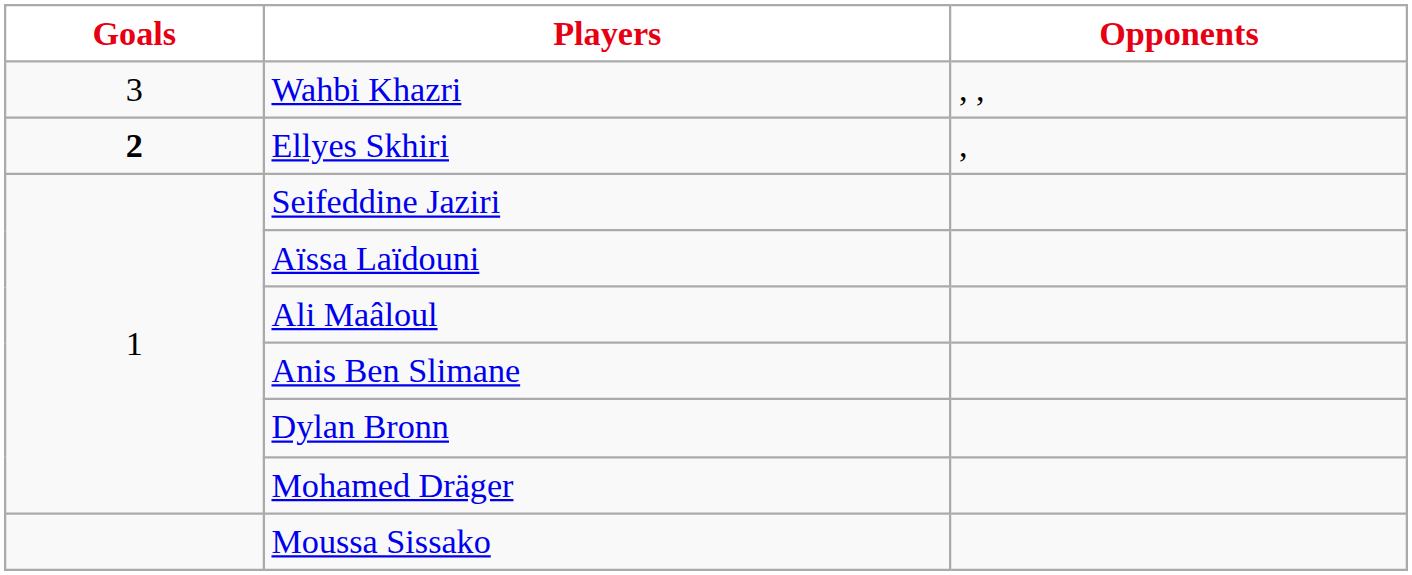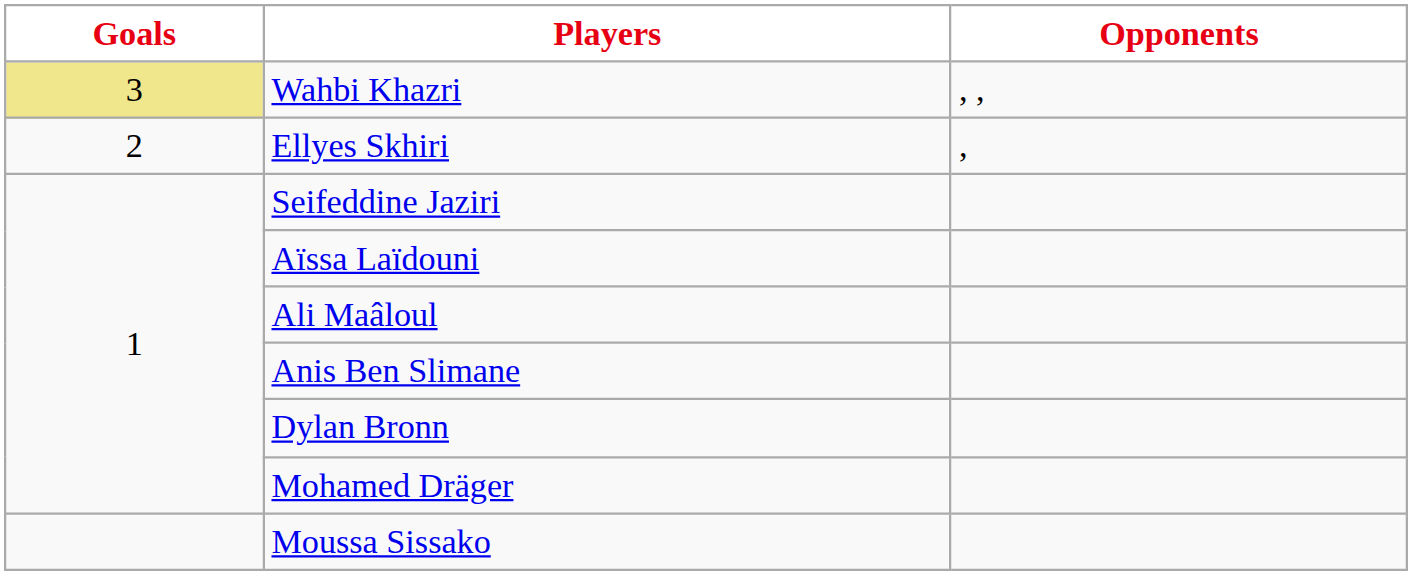 <table class="wikitable" style="font-size:95%; width:100%">
 <tr>
 <th scope="col" style="background:#FFFFFF; color:#E70013; ">Goals</th>
 <th scope="col" style="background:#FFFFFF; color:#E70013; ">Players</th>
 <th scope="col" style="background:#FFFFFF; color:#E70013; ">Opponents</th>
 </tr>
 <tr>
-<td align="center">3</td>
+<td align="center" style="background: khaki;">3</td>
 <td><a href='#'>Wahbi Khazri</a></td>
 <td>, , </td>
 </tr>
 <tr>
-<td align="center"><strong>2</strong></td>
+<td align="center">2</td>
 <td><a href='#'>Ellyes Skhiri</a></td>
 <td>, </td>
 </tr>
 <tr>
 <td rowspan="6" align="center">1</td>
 <td><a href='#'>Seifeddine Jaziri</a></td>
 <td></td>
 </tr>
 <tr>
 <td><a href='#'>Aïssa Laïdouni</a></td>
 <td></td>
 </tr>
 <tr>
 <td><a href='#'>Ali Maâloul</a></td>
 <td></td>
 </tr>
 <tr>
 <td><a href='#'>Anis Ben Slimane</a></td>
 <td></td>
 </tr>
 <tr>
 <td><a href='#'>Dylan Bronn</a></td>
 <td></td>
 </tr>
 <tr>
 <td><a href='#'>Mohamed Dräger</a></td>
 <td></td>
 </tr>
 <tr>
 <td align="center"></td>
 <td> <a href='#'>Moussa Sissako</a></td>
 <td></td>
 </tr>
 </table>
